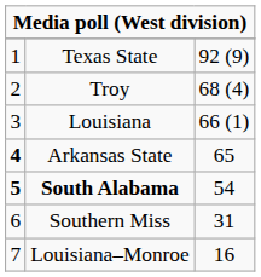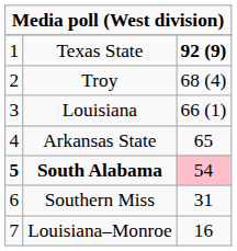 <table class="wikitable" style="display: inline-table;">
 <tr>
 <td align="center" Colspan="3"><strong>Media poll (West division)</strong></td>
 </tr>
 <tr align="center">
 </tr>
 <tr align="center">
 <td>1</td>
 <td>Texas State</td>
-<td>92 (9)</td>
+<td><strong>92 (9)</strong></td>
 </tr>
 <tr align="center">
 <td>2</td>
 <td>Troy</td>
 <td>68 (4)</td>
 </tr>
 <tr align="center">
 <td>3</td>
 <td>Louisiana</td>
 <td>66 (1)</td>
 </tr>
 <tr align="center">
-<td><strong>4</strong></td>
+<td>4</td>
 <td>Arkansas State</td>
 <td>65</td>
 </tr>
 <tr align="center">
 <td><strong>5</strong></td>
 <td><strong>South Alabama</strong></td>
-<td>54</td>
+<td style="background: pink;">54</td>
 </tr>
 <tr align="center">
 <td>6</td>
 <td>Southern Miss</td>
 <td>31</td>
 </tr>
 <tr align="center">
 <td>7</td>
 <td>Louisiana–Monroe</td>
 <td>16</td>
 </tr>
 </table>
